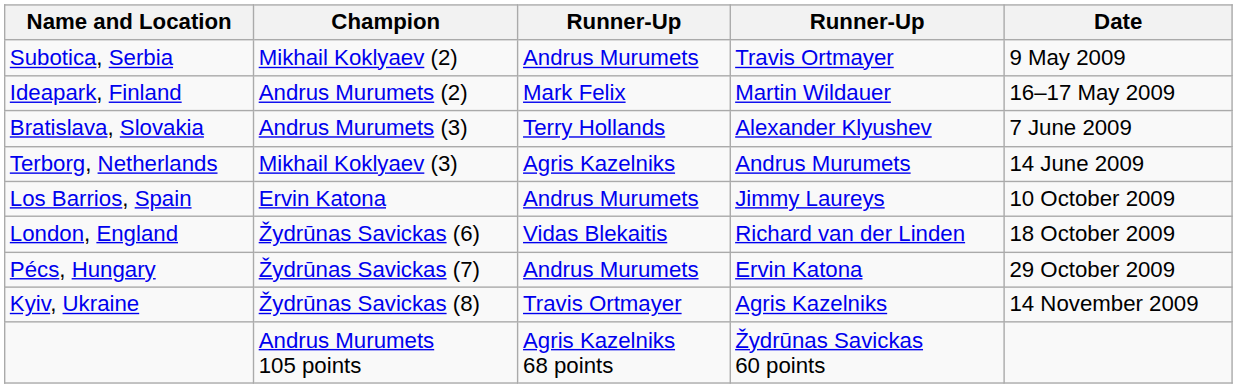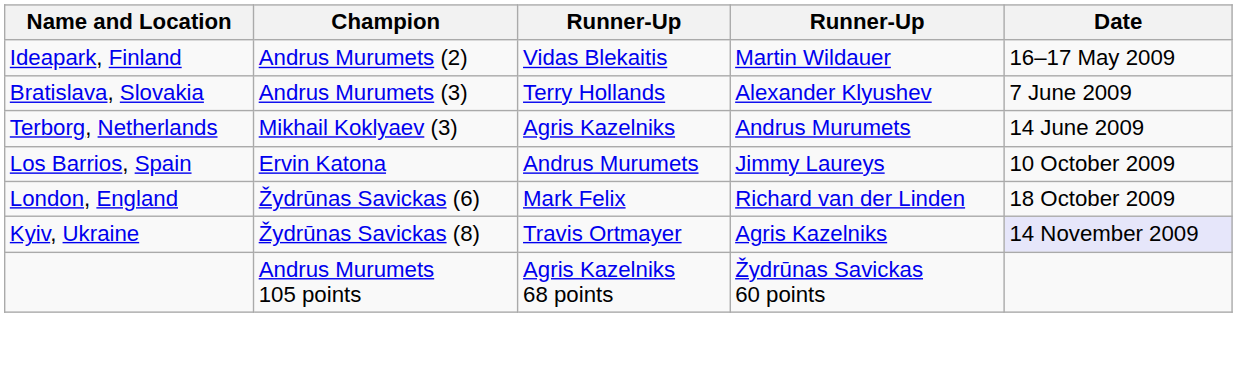 <table class="wikitable" style="display: inline-table;width: 100%;">
 <tr>
 <th scope="col">Name and Location</th>
 <th scope="col">Champion</th>
 <th scope="col">Runner-Up</th>
 <th scope="col">Runner-Up</th>
 <th scope="col">Date</th>
 </tr>
 <tr>
-<td> <a href='#'>Subotica</a>, <a href='#'>Serbia</a><br> </td>
-<td> <a href='#'>Mikhail Koklyaev</a> (2)</td>
-<td> <a href='#'>Andrus Murumets</a></td>
-<td> <a href='#'>Travis Ortmayer</a></td>
-<td>9 May 2009</td>
-</tr>
-<tr>
 <td> <a href='#'>Ideapark</a>, <a href='#'>Finland</a><br> </td>
 <td> <a href='#'>Andrus Murumets</a> (2)</td>
-<td> <a href='#'>Mark Felix</a></td>
+<td> <a href='#'>Vidas Blekaitis</a></td>
 <td> <a href='#'>Martin Wildauer</a></td>
 <td>16–17 May 2009</td>
 </tr>
 <tr>
 <td> <a href='#'>Bratislava</a>, <a href='#'>Slovakia</a><br> </td>
 <td> <a href='#'>Andrus Murumets</a> (3)</td>
 <td> <a href='#'>Terry Hollands</a></td>
 <td> <a href='#'>Alexander Klyushev</a></td>
 <td>7 June 2009</td>
 </tr>
 <tr>
 <td> <a href='#'>Terborg</a>, <a href='#'>Netherlands</a><br> </td>
 <td> <a href='#'>Mikhail Koklyaev</a> (3)</td>
 <td> <a href='#'>Agris Kazelniks</a></td>
 <td> <a href='#'>Andrus Murumets</a></td>
 <td>14 June 2009</td>
 </tr>
 <tr>
 <td> <a href='#'>Los Barrios</a>, <a href='#'>Spain</a><br> </td>
 <td> <a href='#'>Ervin Katona</a></td>
 <td> <a href='#'>Andrus Murumets</a></td>
 <td> <a href='#'>Jimmy Laureys</a></td>
 <td>10 October 2009</td>
 </tr>
 <tr>
 <td> <a href='#'>London</a>, <a href='#'>England</a><br> </td>
 <td> <a href='#'>Žydrūnas Savickas</a> (6)</td>
-<td> <a href='#'>Vidas Blekaitis</a></td>
+<td> <a href='#'>Mark Felix</a></td>
 <td> <a href='#'>Richard van der Linden</a></td>
 <td>18 October 2009</td>
-</tr>
-<tr>
-<td> <a href='#'>Pécs</a>, <a href='#'>Hungary</a><br> </td>
-<td> <a href='#'>Žydrūnas Savickas</a> (7)</td>
-<td> <a href='#'>Andrus Murumets</a></td>
-<td> <a href='#'>Ervin Katona</a></td>
-<td>29 October 2009</td>
 </tr>
 <tr>
 <td> <a href='#'>Kyiv</a>, <a href='#'>Ukraine</a><br> </td>
 <td> <a href='#'>Žydrūnas Savickas</a> (8)</td>
 <td> <a href='#'>Travis Ortmayer</a></td>
 <td> <a href='#'>Agris Kazelniks</a></td>
-<td>14 November 2009</td>
+<td style="background: lavender;">14 November 2009</td>
 </tr>
 <tr>
 <td></td>
 <td> <a href='#'>Andrus Murumets</a><br>  105 points</td>
 <td> <a href='#'>Agris Kazelniks</a><br>  68 points</td>
 <td> <a href='#'>Žydrūnas Savickas</a><br>  60 points</td>
 <td></td>
 </tr>
 </table>
